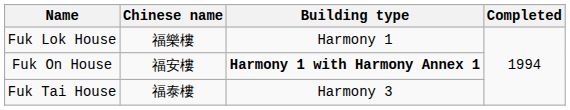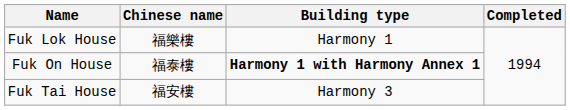 <table class="wikitable" style="text-align: center">
 <tr>
 <th>Name</th>
 <th>Chinese name</th>
 <th>Building type</th>
 <th>Completed</th>
 </tr>
 <tr>
 <td>Fuk Lok House</td>
 <td>福樂樓</td>
 <td>Harmony 1</td>
 <td rowspan="3">1994</td>
 </tr>
 <tr>
 <td>Fuk On House</td>
-<td>福安樓</td>
+<td>福泰樓</td>
 <td><strong>Harmony 1 with Harmony Annex 1</strong></td>
 </tr>
 <tr>
 <td>Fuk Tai House</td>
-<td>福泰樓</td>
+<td>福安樓</td>
 <td>Harmony 3</td>
 </tr>
 </table>
